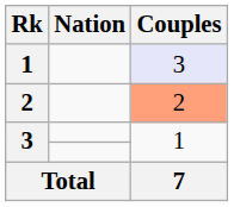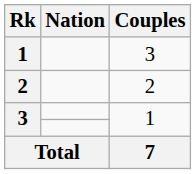 <table class="wikitable sortable" style="text-align: center;">
 <tr>
 <th>Rk</th>
 <th>Nation</th>
 <th>Couples</th>
 </tr>
 <tr>
 <th>1</th>
 <td></td>
-<td style="background: lavender;">3</td>
+<td>3</td>
 </tr>
 <tr>
 <th>2</th>
 <td></td>
-<td style="background: lightsalmon;">2</td>
+<td>2</td>
 </tr>
 <tr>
 <th rowspan=2>3</th>
 <td></td>
 <td rowspan=2>1</td>
 </tr>
 <tr>
 <td></td>
 </tr>
 <tr class="sortbottom">
 <th colspan="2">Total</th>
 <th>7</th>
 </tr>
 </table>
